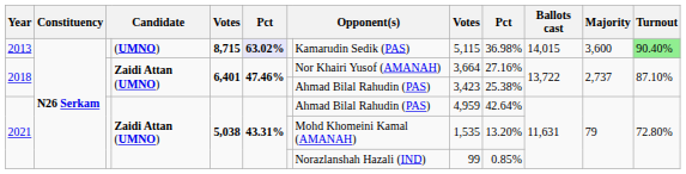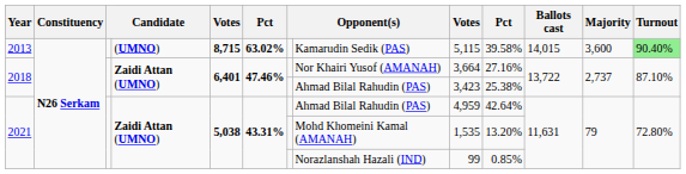 <table class="wikitable" style="margin:0.5em ; font-size:95%">
 <tr>
 <th>Year</th>
 <th>Constituency</th>
 <th colspan=2>Candidate</th>
 <th>Votes</th>
 <th>Pct</th>
 <th colspan=2>Opponent(s)</th>
 <th>Votes</th>
 <th>Pct</th>
 <th>Ballots cast</th>
 <th>Majority</th>
 <th>Turnout</th>
 </tr>
 <tr>
 <td><a href='#'>2013</a></td>
 <td rowspan="7"><strong>N26 <a href='#'>Serkam</a></strong></td>
 <td></td>
 <td> (<a href='#'><strong>UMNO</strong></a>)</td>
 <td align="right"><strong>8,715</strong></td>
-<td style="background: lavender;"><strong>63.02%</strong></td>
+<td><strong>63.02%</strong></td>
 <td></td>
 <td>Kamarudin Sedik (<a href='#'>PAS</a>)</td>
 <td align="right">5,115</td>
-<td>36.98%</td>
+<td>39.58%</td>
 <td>14,015</td>
 <td>3,600</td>
 <td style="background: lightgreen;">90.40%</td>
 </tr>
 <tr>
 <td rowspan=2><a href='#'>2018</a></td>
 <td rowspan=2 ></td>
 <td rowspan=2><strong>Zaidi Attan</strong> (<a href='#'><strong>UMNO</strong></a>)</td>
 <td rowspan=2 align="right"><strong>6,401</strong></td>
 <td rowspan=2><strong>47.46%</strong></td>
 <td></td>
 <td>Nor Khairi Yusof (<a href='#'>AMANAH</a>)</td>
 <td align="right">3,664</td>
 <td>27.16%</td>
 <td rowspan=2>13,722</td>
 <td rowspan=2>2,737</td>
 <td rowspan=2>87.10%</td>
 </tr>
 <tr>
 <td></td>
 <td>Ahmad Bilal Rahudin (<a href='#'>PAS</a>)</td>
 <td align="right">3,423</td>
 <td>25.38%</td>
 </tr>
 <tr>
 <td rowspan="3"><a href='#'>2021</a></td>
 <td rowspan=3 ></td>
 <td rowspan="3"><strong>Zaidi Attan</strong> (<a href='#'><strong>UMNO</strong></a>)</td>
 <td rowspan="3" align=right><strong>5,038</strong></td>
 <td rowspan="3"><strong>43.31%</strong></td>
 <td></td>
 <td>Ahmad Bilal Rahudin (<a href='#'>PAS</a>)</td>
 <td align=right>4,959</td>
 <td>42.64%</td>
 <td rowspan=3>11,631</td>
 <td rowspan=3>79</td>
 <td rowspan=3>72.80%</td>
 </tr>
 <tr>
 <td></td>
 <td>Mohd Khomeini Kamal (<a href='#'>AMANAH</a>)</td>
 <td align=right>1,535</td>
 <td>13.20%</td>
 </tr>
 <tr>
 <td></td>
 <td>Norazlanshah Hazali (<a href='#'>IND</a>)</td>
 <td align="right">99</td>
 <td align=right>0.85%</td>
 </tr>
 </table>
